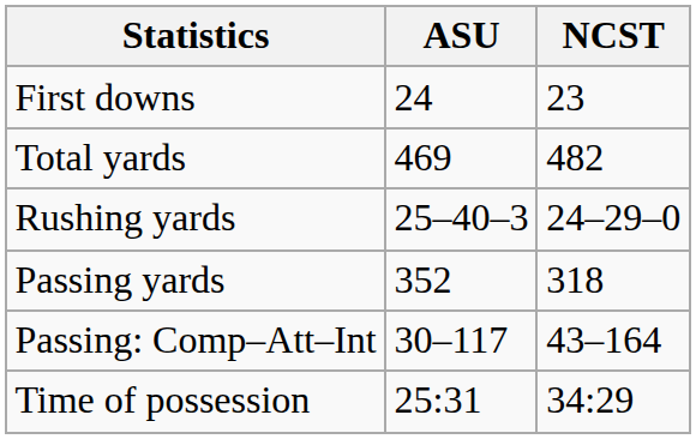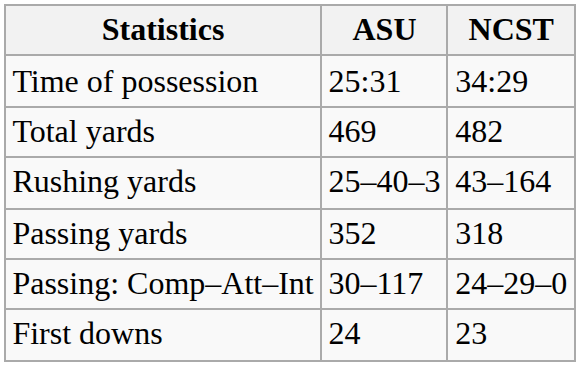 <table class="wikitable" style="float: left;">
 <tr>
 <th>Statistics</th>
 <th>ASU</th>
 <th>NCST</th>
 </tr>
 <tr>
-<td>First downs</td>
-<td>24</td>
-<td>23</td>
+<td>Time of possession</td>
+<td>25:31</td>
+<td>34:29</td>
 </tr>
 <tr>
 <td>Total yards</td>
 <td>469</td>
 <td>482</td>
 </tr>
 <tr>
 <td>Rushing yards</td>
 <td>25–40–3</td>
-<td>24–29–0</td>
+<td>43–164</td>
 </tr>
 <tr>
 <td>Passing yards</td>
 <td>352</td>
 <td>318</td>
 </tr>
 <tr>
 <td>Passing: Comp–Att–Int</td>
 <td>30–117</td>
-<td>43–164</td>
+<td>24–29–0</td>
 </tr>
 <tr>
-<td>Time of possession</td>
-<td>25:31</td>
-<td>34:29</td>
+<td>First downs</td>
+<td>24</td>
+<td>23</td>
 </tr>
 <tr>
 </tr>
 </table>
